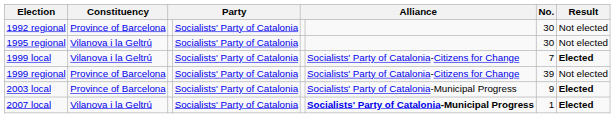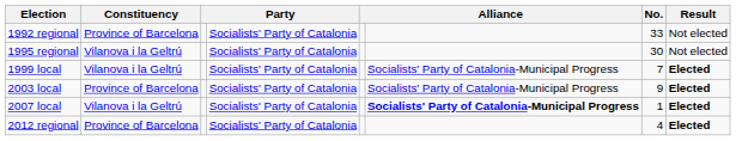 <table class="wikitable" style="text-align:left;">
 <tr>
 <th scope=col>Election</th>
 <th scope=col>Constituency</th>
 <th scope=col colspan="2">Party</th>
 <th scope=col colspan="2">Alliance</th>
 <th scope=col>No.</th>
 <th scope=col>Result</th>
 </tr>
 <tr>
 <td><a href='#'>1992 regional</a></td>
 <td><a href='#'>Province of Barcelona</a></td>
 <td style="background:"></td>
 <td><a href='#'>Socialists' Party of Catalonia</a></td>
 <td></td>
 <td></td>
-<td align=right>30</td>
+<td align=right>33</td>
 <td>Not elected</td>
 </tr>
 <tr>
 <td><a href='#'>1995 regional</a></td>
 <td><a href='#'>Vilanova i la Geltrú</a></td>
 <td style="background:"></td>
 <td><a href='#'>Socialists' Party of Catalonia</a></td>
 <td></td>
 <td></td>
 <td align=right>30</td>
 <td>Not elected</td>
 </tr>
 <tr>
 <td><a href='#'>1999 local</a></td>
 <td><a href='#'>Vilanova i la Geltrú</a></td>
 <td style="background:"></td>
 <td><a href='#'>Socialists' Party of Catalonia</a></td>
 <td></td>
-<td><a href='#'>Socialists' Party of Catalonia</a>-<a href='#'>Citizens for Change</a></td>
+<td><a href='#'>Socialists' Party of Catalonia</a>-Municipal Progress</td>
 <td align=right>7</td>
 <td><strong>Elected</strong></td>
-</tr>
-<tr>
-<td><a href='#'>1999 regional</a></td>
-<td><a href='#'>Province of Barcelona</a></td>
-<td style="background:"></td>
-<td><a href='#'>Socialists' Party of Catalonia</a></td>
-<td></td>
-<td><a href='#'>Socialists' Party of Catalonia</a>-<a href='#'>Citizens for Change</a></td>
-<td align=right>39</td>
-<td>Not elected</td>
 </tr>
 <tr>
 <td><a href='#'>2003 local</a></td>
 <td><a href='#'>Province of Barcelona</a></td>
 <td style="background:"></td>
 <td><a href='#'>Socialists' Party of Catalonia</a></td>
 <td></td>
 <td><a href='#'>Socialists' Party of Catalonia</a>-Municipal Progress</td>
 <td align=right>9</td>
 <td><strong>Elected</strong></td>
 </tr>
 <tr>
 <td><a href='#'>2007 local</a></td>
 <td><a href='#'>Vilanova i la Geltrú</a></td>
 <td style="background:"></td>
 <td><a href='#'>Socialists' Party of Catalonia</a></td>
 <td></td>
 <td><strong><a href='#'>Socialists' Party of Catalonia</a>-Municipal Progress</strong></td>
 <td align=right>1</td>
 <td><strong>Elected</strong></td>
 </tr>
+<tr>
+<td><a href='#'>2012 regional</a></td>
+<td><a href='#'>Province of Barcelona</a></td>
+<td style="background:"></td>
+<td><a href='#'>Socialists' Party of Catalonia</a></td>
+<td></td>
+<td></td>
+<td align=right>4</td>
+<td><strong>Elected</strong></td>
+</tr>
 </table>
